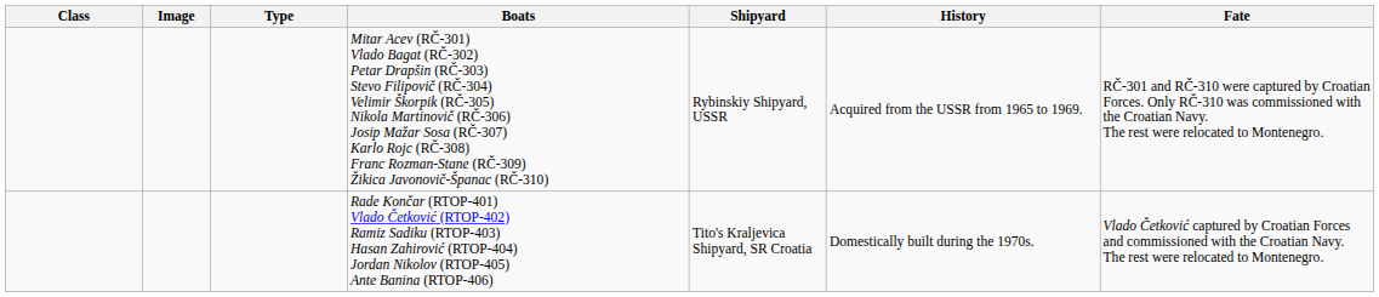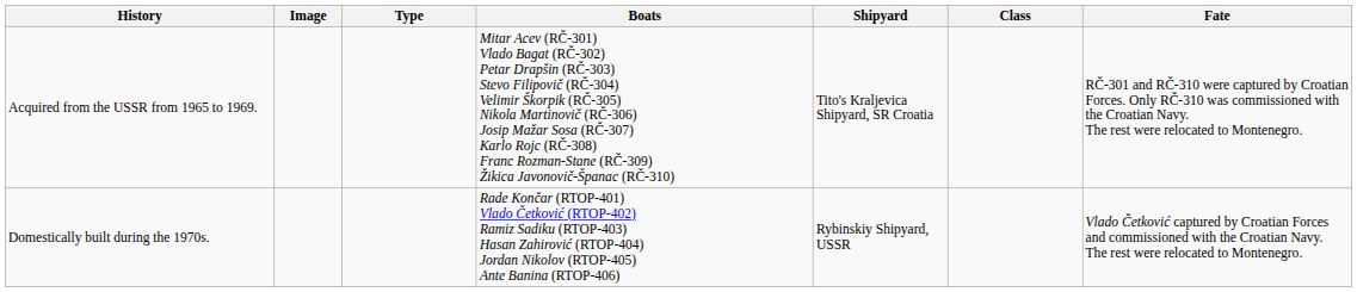 <table class="wikitable">
 <tr>
-<th style="text-align:center;width:10%;">Class</th>
+<th style="text-align:center; width:20%;">History</th>
 <th style="text-align:center;width:5%;">Image</th>
 <th style="text-align:center; width:10%;">Type</th>
 <th style="text-align:center; width:25%;">Boats</th>
 <th style="text-align:center; width:10%;">Shipyard</th>
-<th style="text-align:center; width:20%;">History</th>
+<th style="text-align:center;width:10%;">Class</th>
 <th style="text-align:center; width:25%;">Fate</th>
 </tr>
 <tr>
-<td></td>
+<td>Acquired from the USSR from 1965 to 1969.</td>
 <td></td>
 <td></td>
 <td><em>Mitar Acev</em> (RČ-301)<br> <em>Vlado Bagat</em> (RČ-302)<br> <em>Petar Drapšin</em> (RČ-303)<br> <em>Stevo Filipovič</em> (RČ-304)<br> <em>Velimir Škorpik </em> (RČ-305)<br> <em>Nikola Martinovič</em> (RČ-306)<br> <em>Josip Mažar Sosa</em> (RČ-307)<br> <em>Karlo Rojc</em> (RČ-308)<br> <em>Franc Rozman-Stane</em> (RČ-309)<br> <em>Žikica Javonovič-Španac</em> (RČ-310)</td>
-<td>Rybinskiy Shipyard, USSR</td>
-<td>Acquired from the USSR from 1965 to 1969.</td>
+<td>Tito's Kraljevica Shipyard, SR Croatia</td>
+<td></td>
 <td>RČ-301 and RČ-310 were captured by Croatian Forces. Only RČ-310 was commissioned with the Croatian Navy.<br>The rest were relocated to Montenegro.</td>
 </tr>
 <tr>
-<td></td>
+<td>Domestically built during the 1970s.</td>
 <td></td>
 <td></td>
 <td><em>Rade Končar</em> (RTOP-401)<br><a href='#'><em>Vlado Četković</em> (RTOP-402)</a><br><em>Ramiz Sadiku</em> (RTOP-403)<br><em>Hasan Zahirović</em> (RTOP-404)<br><em>Jordan Nikolov</em> (RTOP-405)<br><em>Ante Banina</em> (RTOP-406)</td>
-<td>Tito's Kraljevica Shipyard, SR Croatia</td>
-<td>Domestically built during the 1970s.</td>
+<td>Rybinskiy Shipyard, USSR</td>
+<td></td>
 <td><em>Vlado Četković</em> captured by Croatian Forces and commissioned with the Croatian Navy.<br>The rest were relocated to Montenegro.</td>
 </tr>
 </table>
